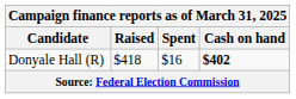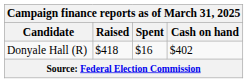 <table class="wikitable sortable">
 <tr>
 <th colspan=4>Campaign finance reports as of March 31, 2025</th>
 </tr>
 <tr style="text-align:center;">
 <th>Candidate</th>
 <th>Raised</th>
 <th>Spent</th>
 <th>Cash on hand</th>
 </tr>
 <tr>
 <td>Donyale Hall (R)</td>
 <td>$418</td>
 <td>$16</td>
-<td><strong>$402</strong></td>
+<td>$402</td>
 </tr>
 <tr>
 <th colspan="4"><small>Source: <a href='#'>Federal Election Commission</a></small></th>
 </tr>
 </table>
